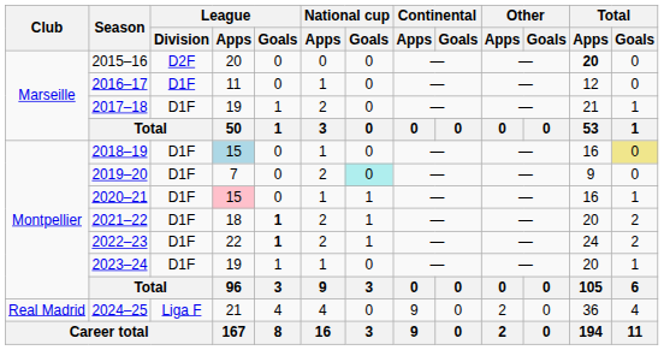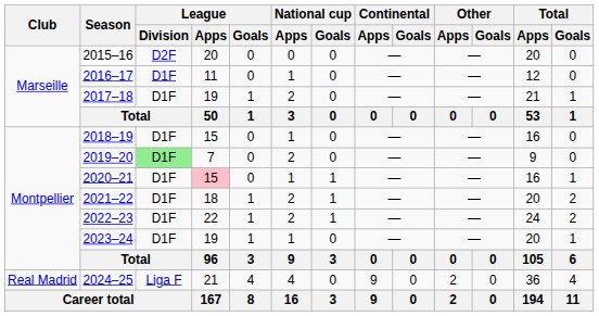 <table class="wikitable" style="text-align:center">
 <tr>
 <th rowspan="2">Club</th>
 <th rowspan="2">Season</th>
 <th colspan="3">League</th>
 <th colspan="2">National cup</th>
 <th colspan="2">Continental</th>
 <th colspan="2">Other</th>
 <th colspan="2">Total</th>
 </tr>
 <tr>
 <th>Division</th>
 <th>Apps</th>
 <th>Goals</th>
 <th>Apps</th>
 <th>Goals</th>
 <th>Apps</th>
 <th>Goals</th>
 <th>Apps</th>
 <th>Goals</th>
 <th>Apps</th>
 <th>Goals</th>
 </tr>
 <tr>
 <td rowspan="4"><a href='#'>Marseille</a></td>
 <td>2015–16</td>
 <td><a href='#'>D2F</a></td>
 <td>20</td>
 <td>0</td>
 <td>0</td>
 <td>0</td>
 <td colspan="2">—</td>
 <td colspan="2">—</td>
-<td><strong>20</strong></td>
+<td>20</td>
 <td>0</td>
 </tr>
 <tr>
 <td><a href='#'>2016–17</a></td>
 <td><a href='#'>D1F</a></td>
 <td>11</td>
 <td>0</td>
 <td>1</td>
 <td>0</td>
 <td colspan="2">—</td>
 <td colspan="2">—</td>
 <td>12</td>
 <td>0</td>
 </tr>
 <tr>
 <td><a href='#'>2017–18</a></td>
 <td>D1F</td>
 <td>19</td>
 <td>1</td>
 <td>2</td>
 <td>0</td>
 <td colspan="2">—</td>
 <td colspan="2">—</td>
 <td>21</td>
 <td>1</td>
 </tr>
 <tr>
 <th colspan="2">Total</th>
 <th>50</th>
 <th>1</th>
 <th>3</th>
 <th>0</th>
 <th>0</th>
 <th>0</th>
 <th>0</th>
 <th>0</th>
 <th>53</th>
 <th>1</th>
 </tr>
 <tr>
 <td rowspan="7"><a href='#'>Montpellier</a></td>
 <td><a href='#'>2018–19</a></td>
 <td>D1F</td>
-<td style="background: lightblue;">15</td>
+<td>15</td>
 <td>0</td>
 <td>1</td>
 <td>0</td>
 <td colspan="2">—</td>
 <td colspan="2">—</td>
 <td>16</td>
-<td style="background: khaki;">0</td>
+<td>0</td>
 </tr>
 <tr>
 <td><a href='#'>2019–20</a></td>
-<td>D1F</td>
+<td style="background: lightgreen;">D1F</td>
 <td>7</td>
 <td>0</td>
 <td>2</td>
-<td style="background: paleturquoise;">0</td>
+<td>0</td>
 <td colspan="2">—</td>
 <td colspan="2">—</td>
 <td>9</td>
 <td>0</td>
 </tr>
 <tr>
 <td><a href='#'>2020–21</a></td>
 <td>D1F</td>
 <td style="background: pink;">15</td>
 <td>0</td>
 <td>1</td>
 <td>1</td>
 <td colspan="2">—</td>
 <td colspan="2">—</td>
 <td>16</td>
 <td>1</td>
 </tr>
 <tr>
 <td><a href='#'>2021–22</a></td>
 <td>D1F</td>
 <td>18</td>
-<td><strong>1</strong></td>
+<td>1</td>
 <td>2</td>
 <td>1</td>
 <td colspan="2">—</td>
 <td colspan="2">—</td>
 <td>20</td>
 <td>2</td>
 </tr>
 <tr>
 <td><a href='#'>2022–23</a></td>
 <td>D1F</td>
 <td>22</td>
-<td><strong>1</strong></td>
+<td>1</td>
 <td>2</td>
 <td>1</td>
 <td colspan="2">—</td>
 <td colspan="2">—</td>
 <td>24</td>
 <td>2</td>
 </tr>
 <tr>
 <td><a href='#'>2023–24</a></td>
 <td>D1F</td>
 <td>19</td>
 <td>1</td>
 <td>1</td>
 <td>0</td>
 <td colspan="2">—</td>
 <td colspan="2">—</td>
 <td>20</td>
 <td>1</td>
 </tr>
 <tr>
 <th colspan="2">Total</th>
 <th>96</th>
 <th>3</th>
 <th>9</th>
 <th>3</th>
 <th>0</th>
 <th>0</th>
 <th>0</th>
 <th>0</th>
 <th>105</th>
 <th>6</th>
 </tr>
 <tr>
 <td><a href='#'>Real Madrid</a></td>
 <td><a href='#'>2024–25</a></td>
 <td><a href='#'>Liga F</a></td>
 <td>21</td>
 <td>4</td>
 <td>4</td>
 <td>0</td>
 <td>9</td>
 <td>0</td>
 <td>2</td>
 <td>0</td>
 <td>36</td>
 <td>4</td>
 </tr>
 <tr>
 <th colspan="3">Career total</th>
 <th>167</th>
 <th>8</th>
 <th>16</th>
 <th>3</th>
 <th>9</th>
 <th>0</th>
 <th>2</th>
 <th>0</th>
 <th>194</th>
 <th>11</th>
 </tr>
 </table>
